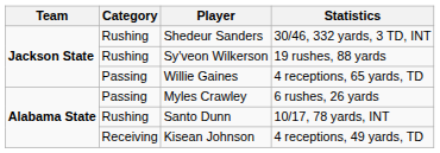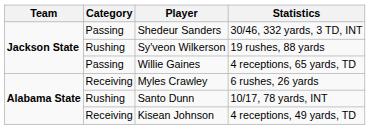 <table class="wikitable" style="float: left;">
 <tr>
 <th>Team</th>
 <th>Category</th>
 <th>Player</th>
 <th>Statistics</th>
 </tr>
 <tr>
 <td rowspan=3><strong>Jackson State</strong></td>
-<td>Rushing</td>
+<td>Passing</td>
 <td>Shedeur Sanders</td>
 <td>30/46, 332 yards, 3 TD, INT</td>
 </tr>
 <tr>
 <td>Rushing</td>
 <td>Sy'veon Wilkerson</td>
 <td>19 rushes, 88 yards</td>
 </tr>
 <tr>
 <td>Passing</td>
 <td>Willie Gaines</td>
 <td>4 receptions, 65 yards, TD</td>
 </tr>
 <tr>
 <td rowspan=3><strong>Alabama State</strong></td>
-<td>Passing</td>
+<td>Receiving</td>
 <td>Myles Crawley</td>
 <td>6 rushes, 26 yards</td>
 </tr>
 <tr>
 <td>Rushing</td>
 <td>Santo Dunn</td>
 <td>10/17, 78 yards, INT</td>
 </tr>
 <tr>
 <td>Receiving</td>
 <td>Kisean Johnson</td>
 <td>4 receptions, 49 yards, TD</td>
 </tr>
 </table>
